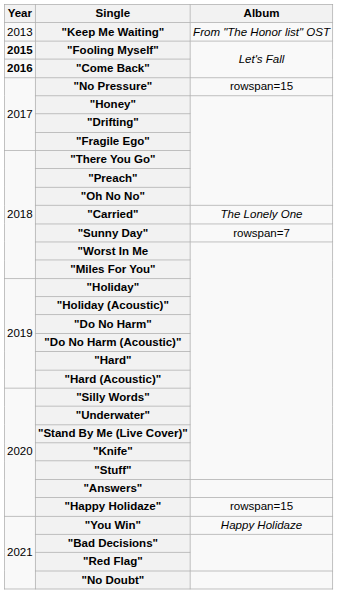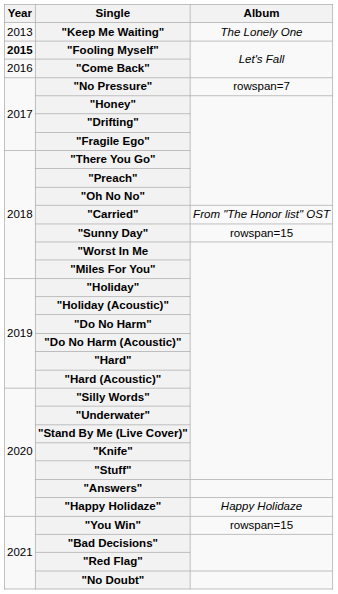 <table class="wikitable plainrowheaders" style="text-align:center;">
 <tr>
 <th scope="col" rowspan="1">Year</th>
 <th scope="col" rowspan="1">Single</th>
 <th scope="col" rowspan="1">Album</th>
 </tr>
 <tr>
 <td>2013</td>
 <th scope="row">"Keep Me Waiting"</th>
-<td><em>From "The Honor list" OST</em></td>
+<td><em>The Lonely One</em></td>
 </tr>
 <tr>
 <td><strong>2015</strong></td>
 <th scope="row">"Fooling Myself"</th>
 <td rowspan=2><em>Let's Fall</em></td>
 </tr>
 <tr>
-<td><strong>2016</strong></td>
+<td>2016</td>
 <th scope="row">"Come Back"</th>
 </tr>
 <tr>
 <td rowspan=4>2017</td>
 <th scope="row">"No Pressure"</th>
-<td>rowspan=15 </td>
+<td>rowspan=7 </td>
 </tr>
 <tr>
 <th scope="row">"Honey"</th>
 </tr>
 <tr>
 <th scope="row">"Drifting"</th>
 </tr>
 <tr>
 <th scope="row">"Fragile Ego"</th>
 </tr>
 <tr>
 <td rowspan="7">2018</td>
 <th scope="row">"There You Go"</th>
 </tr>
 <tr>
 <th scope="row">"Preach"</th>
 </tr>
 <tr>
 <th scope="row">"Oh No No"</th>
 </tr>
 <tr>
 <th scope="row">"Carried"</th>
-<td><em>The Lonely One</em></td>
+<td><em>From "The Honor list" OST</em></td>
 </tr>
 <tr>
 <th scope="row">"Sunny Day"</th>
-<td>rowspan=7 </td>
+<td>rowspan=15 </td>
 </tr>
 <tr>
 <th scope="row">"Worst In Me</th>
 </tr>
 <tr>
 <th scope="row">"Miles For You"</th>
 </tr>
 <tr>
 <td rowspan=6>2019</td>
 <th scope="row">"Holiday"</th>
 </tr>
 <tr>
 <th scope="row">"Holiday (Acoustic)"</th>
 </tr>
 <tr>
 <th scope="row">"Do No Harm"</th>
 </tr>
 <tr>
 <th scope="row">"Do No Harm (Acoustic)"</th>
 </tr>
 <tr>
 <th scope="row">"Hard"</th>
 </tr>
 <tr>
 <th scope="row">"Hard (Acoustic)"</th>
 </tr>
 <tr>
 <td rowspan=7>2020</td>
 <th scope="row">"Silly Words"</th>
 </tr>
 <tr>
 <th scope="row">"Underwater"</th>
 </tr>
 <tr>
 <th scope="row">"Stand By Me (Live Cover)"</th>
 </tr>
 <tr>
 <th scope="row">"Knife"</th>
 </tr>
 <tr>
 <th scope="row">"Stuff"</th>
 </tr>
 <tr>
 <th scope="row">"Answers"</th>
 <td></td>
 </tr>
 <tr>
 <th scope="row">"Happy Holidaze"</th>
-<td>rowspan=15 </td>
+<td><em>Happy Holidaze</em></td>
 </tr>
 <tr>
 <td rowspan="5">2021</td>
 <th scope="row">"You Win"</th>
-<td><em>Happy Holidaze</em></td>
+<td>rowspan=15 </td>
 </tr>
 <tr>
 <th scope="row">"Bad Decisions"</th>
 </tr>
 <tr>
 <th scope="row">"Red Flag"</th>
 </tr>
 <tr>
 <th scope="row">"No Doubt"</th>
 <td></td>
 </tr>
 </table>
